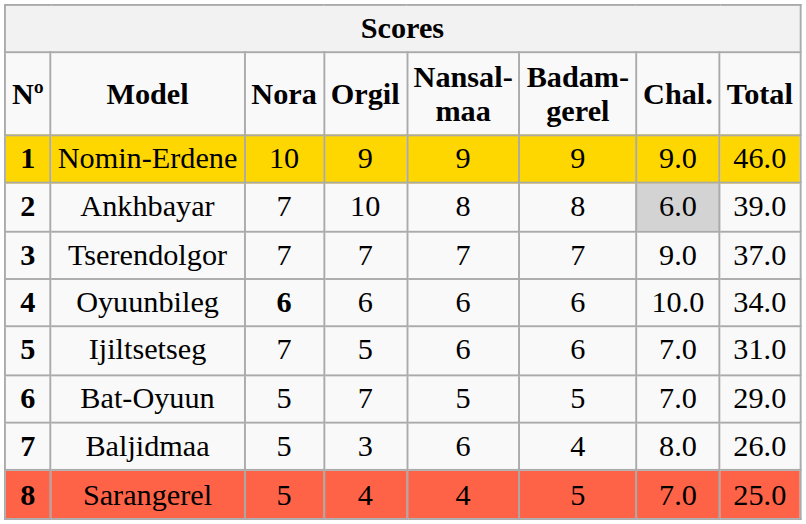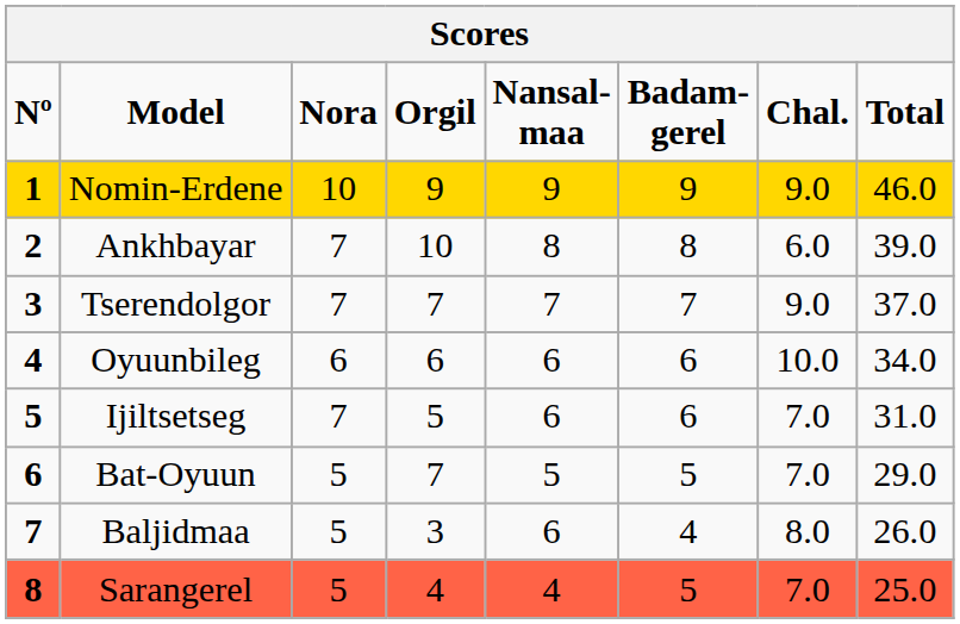 <table class="wikitable collapsible autocollapse" style="text-align:center;">
 <tr>
 <th colspan="8">Scores</th>
 </tr>
 <tr>
 <td><strong>Nº</strong></td>
 <td><strong>Model</strong></td>
 <td><strong>Nora</strong></td>
 <td><strong>Orgil</strong></td>
 <td><strong>Nansal-<br>maa</strong></td>
 <td><strong>Badam-<br>gerel</strong></td>
 <td><strong>Chal.</strong></td>
 <td><strong>Total</strong></td>
 </tr>
 <tr>
 <td style="background:gold"><strong>1</strong></td>
 <td style="background:gold">Nomin-Erdene</td>
 <td style="background:gold">10</td>
 <td style="background:gold">9</td>
 <td style="background:gold">9</td>
 <td style="background:gold">9</td>
 <td style="background:gold">9.0</td>
 <td style="background:gold">46.0</td>
 </tr>
 <tr>
 <td><strong>2</strong></td>
 <td>Ankhbayar</td>
 <td>7</td>
 <td>10</td>
 <td>8</td>
 <td>8</td>
-<td style="background: lightgrey;">6.0</td>
+<td>6.0</td>
 <td>39.0</td>
 </tr>
 <tr>
 <td><strong>3</strong></td>
 <td>Tserendolgor</td>
 <td>7</td>
 <td>7</td>
 <td>7</td>
 <td>7</td>
 <td>9.0</td>
 <td>37.0</td>
 </tr>
 <tr>
 <td><strong>4</strong></td>
 <td>Oyuunbileg</td>
-<td><strong>6</strong></td>
+<td>6</td>
 <td>6</td>
 <td>6</td>
 <td>6</td>
 <td>10.0</td>
 <td>34.0</td>
 </tr>
 <tr>
 <td><strong>5</strong></td>
 <td>Ijiltsetseg</td>
 <td>7</td>
 <td>5</td>
 <td>6</td>
 <td>6</td>
 <td>7.0</td>
 <td>31.0</td>
 </tr>
 <tr>
 <td><strong>6</strong></td>
 <td>Bat-Oyuun</td>
 <td>5</td>
 <td>7</td>
 <td>5</td>
 <td>5</td>
 <td>7.0</td>
 <td>29.0</td>
 </tr>
 <tr>
 <td><strong>7</strong></td>
 <td>Baljidmaa</td>
 <td>5</td>
 <td>3</td>
 <td>6</td>
 <td>4</td>
 <td>8.0</td>
 <td>26.0</td>
 </tr>
 <tr>
 <td style="background:tomato"><strong>8</strong></td>
 <td style="background:tomato">Sarangerel</td>
 <td style="background:tomato">5</td>
 <td style="background:tomato">4</td>
 <td style="background:tomato">4</td>
 <td style="background:tomato">5</td>
 <td style="background:tomato">7.0</td>
 <td style="background:tomato">25.0</td>
 </tr>
 </table>
